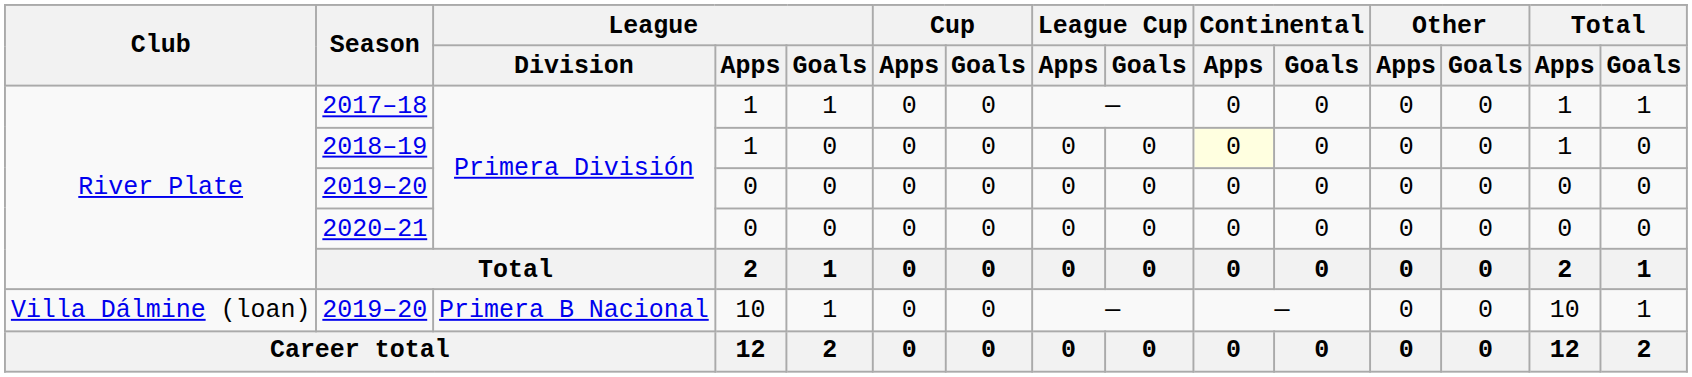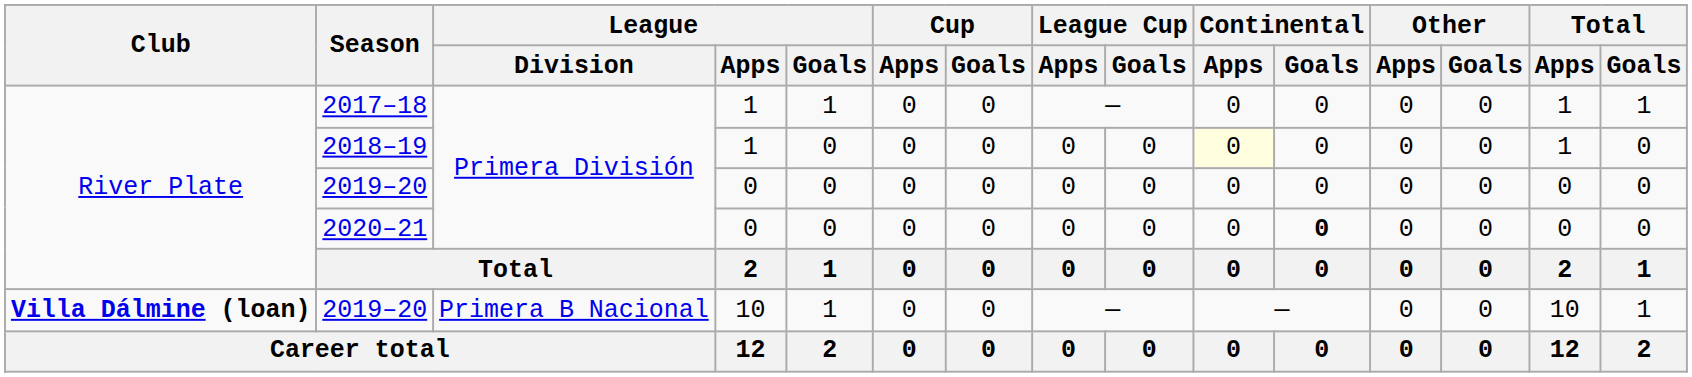 <table class="wikitable" style="text-align:center">
 <tr>
 <th rowspan="2">Club</th>
 <th rowspan="2">Season</th>
 <th colspan="3">League</th>
 <th colspan="2">Cup</th>
 <th colspan="2">League Cup</th>
 <th colspan="2">Continental</th>
 <th colspan="2">Other</th>
 <th colspan="2">Total</th>
 </tr>
 <tr>
 <th>Division</th>
 <th>Apps</th>
 <th>Goals</th>
 <th>Apps</th>
 <th>Goals</th>
 <th>Apps</th>
 <th>Goals</th>
 <th>Apps</th>
 <th>Goals</th>
 <th>Apps</th>
 <th>Goals</th>
 <th>Apps</th>
 <th>Goals</th>
 </tr>
 <tr>
 <td rowspan="5"><a href='#'>River Plate</a></td>
 <td><a href='#'>2017–18</a></td>
 <td rowspan="4"><a href='#'>Primera División</a></td>
 <td>1</td>
 <td>1</td>
 <td>0</td>
 <td>0</td>
 <td colspan="2">—</td>
 <td>0</td>
 <td>0</td>
 <td>0</td>
 <td>0</td>
 <td>1</td>
 <td>1</td>
 </tr>
 <tr>
 <td><a href='#'>2018–19</a></td>
 <td>1</td>
 <td>0</td>
 <td>0</td>
 <td>0</td>
 <td>0</td>
 <td>0</td>
 <td style="background: lightyellow;">0</td>
 <td>0</td>
 <td>0</td>
 <td>0</td>
 <td>1</td>
 <td>0</td>
 </tr>
 <tr>
 <td><a href='#'>2019–20</a></td>
 <td>0</td>
 <td>0</td>
 <td>0</td>
 <td>0</td>
 <td>0</td>
 <td>0</td>
 <td>0</td>
 <td>0</td>
 <td>0</td>
 <td>0</td>
 <td>0</td>
 <td>0</td>
 </tr>
 <tr>
 <td><a href='#'>2020–21</a></td>
 <td>0</td>
 <td>0</td>
 <td>0</td>
 <td>0</td>
 <td>0</td>
 <td>0</td>
 <td>0</td>
-<td>0</td>
+<td><strong>0</strong></td>
 <td>0</td>
 <td>0</td>
 <td>0</td>
 <td>0</td>
 </tr>
 <tr>
 <th colspan="2">Total</th>
 <th>2</th>
 <th>1</th>
 <th>0</th>
 <th>0</th>
 <th>0</th>
 <th>0</th>
 <th>0</th>
 <th>0</th>
 <th>0</th>
 <th>0</th>
 <th>2</th>
 <th>1</th>
 </tr>
 <tr>
-<td rowspan="1"><a href='#'>Villa Dálmine</a> (loan)</td>
+<td rowspan="1"><strong><a href='#'>Villa Dálmine</a> (loan)</strong></td>
 <td><a href='#'>2019–20</a></td>
 <td rowspan="1"><a href='#'>Primera B Nacional</a></td>
 <td>10</td>
 <td>1</td>
 <td>0</td>
 <td>0</td>
 <td colspan="2">—</td>
 <td colspan="2">—</td>
 <td>0</td>
 <td>0</td>
 <td>10</td>
 <td>1</td>
 </tr>
 <tr>
 <th colspan="3">Career total</th>
 <th>12</th>
 <th>2</th>
 <th>0</th>
 <th>0</th>
 <th>0</th>
 <th>0</th>
 <th>0</th>
 <th>0</th>
 <th>0</th>
 <th>0</th>
 <th>12</th>
 <th>2</th>
 </tr>
 </table>
